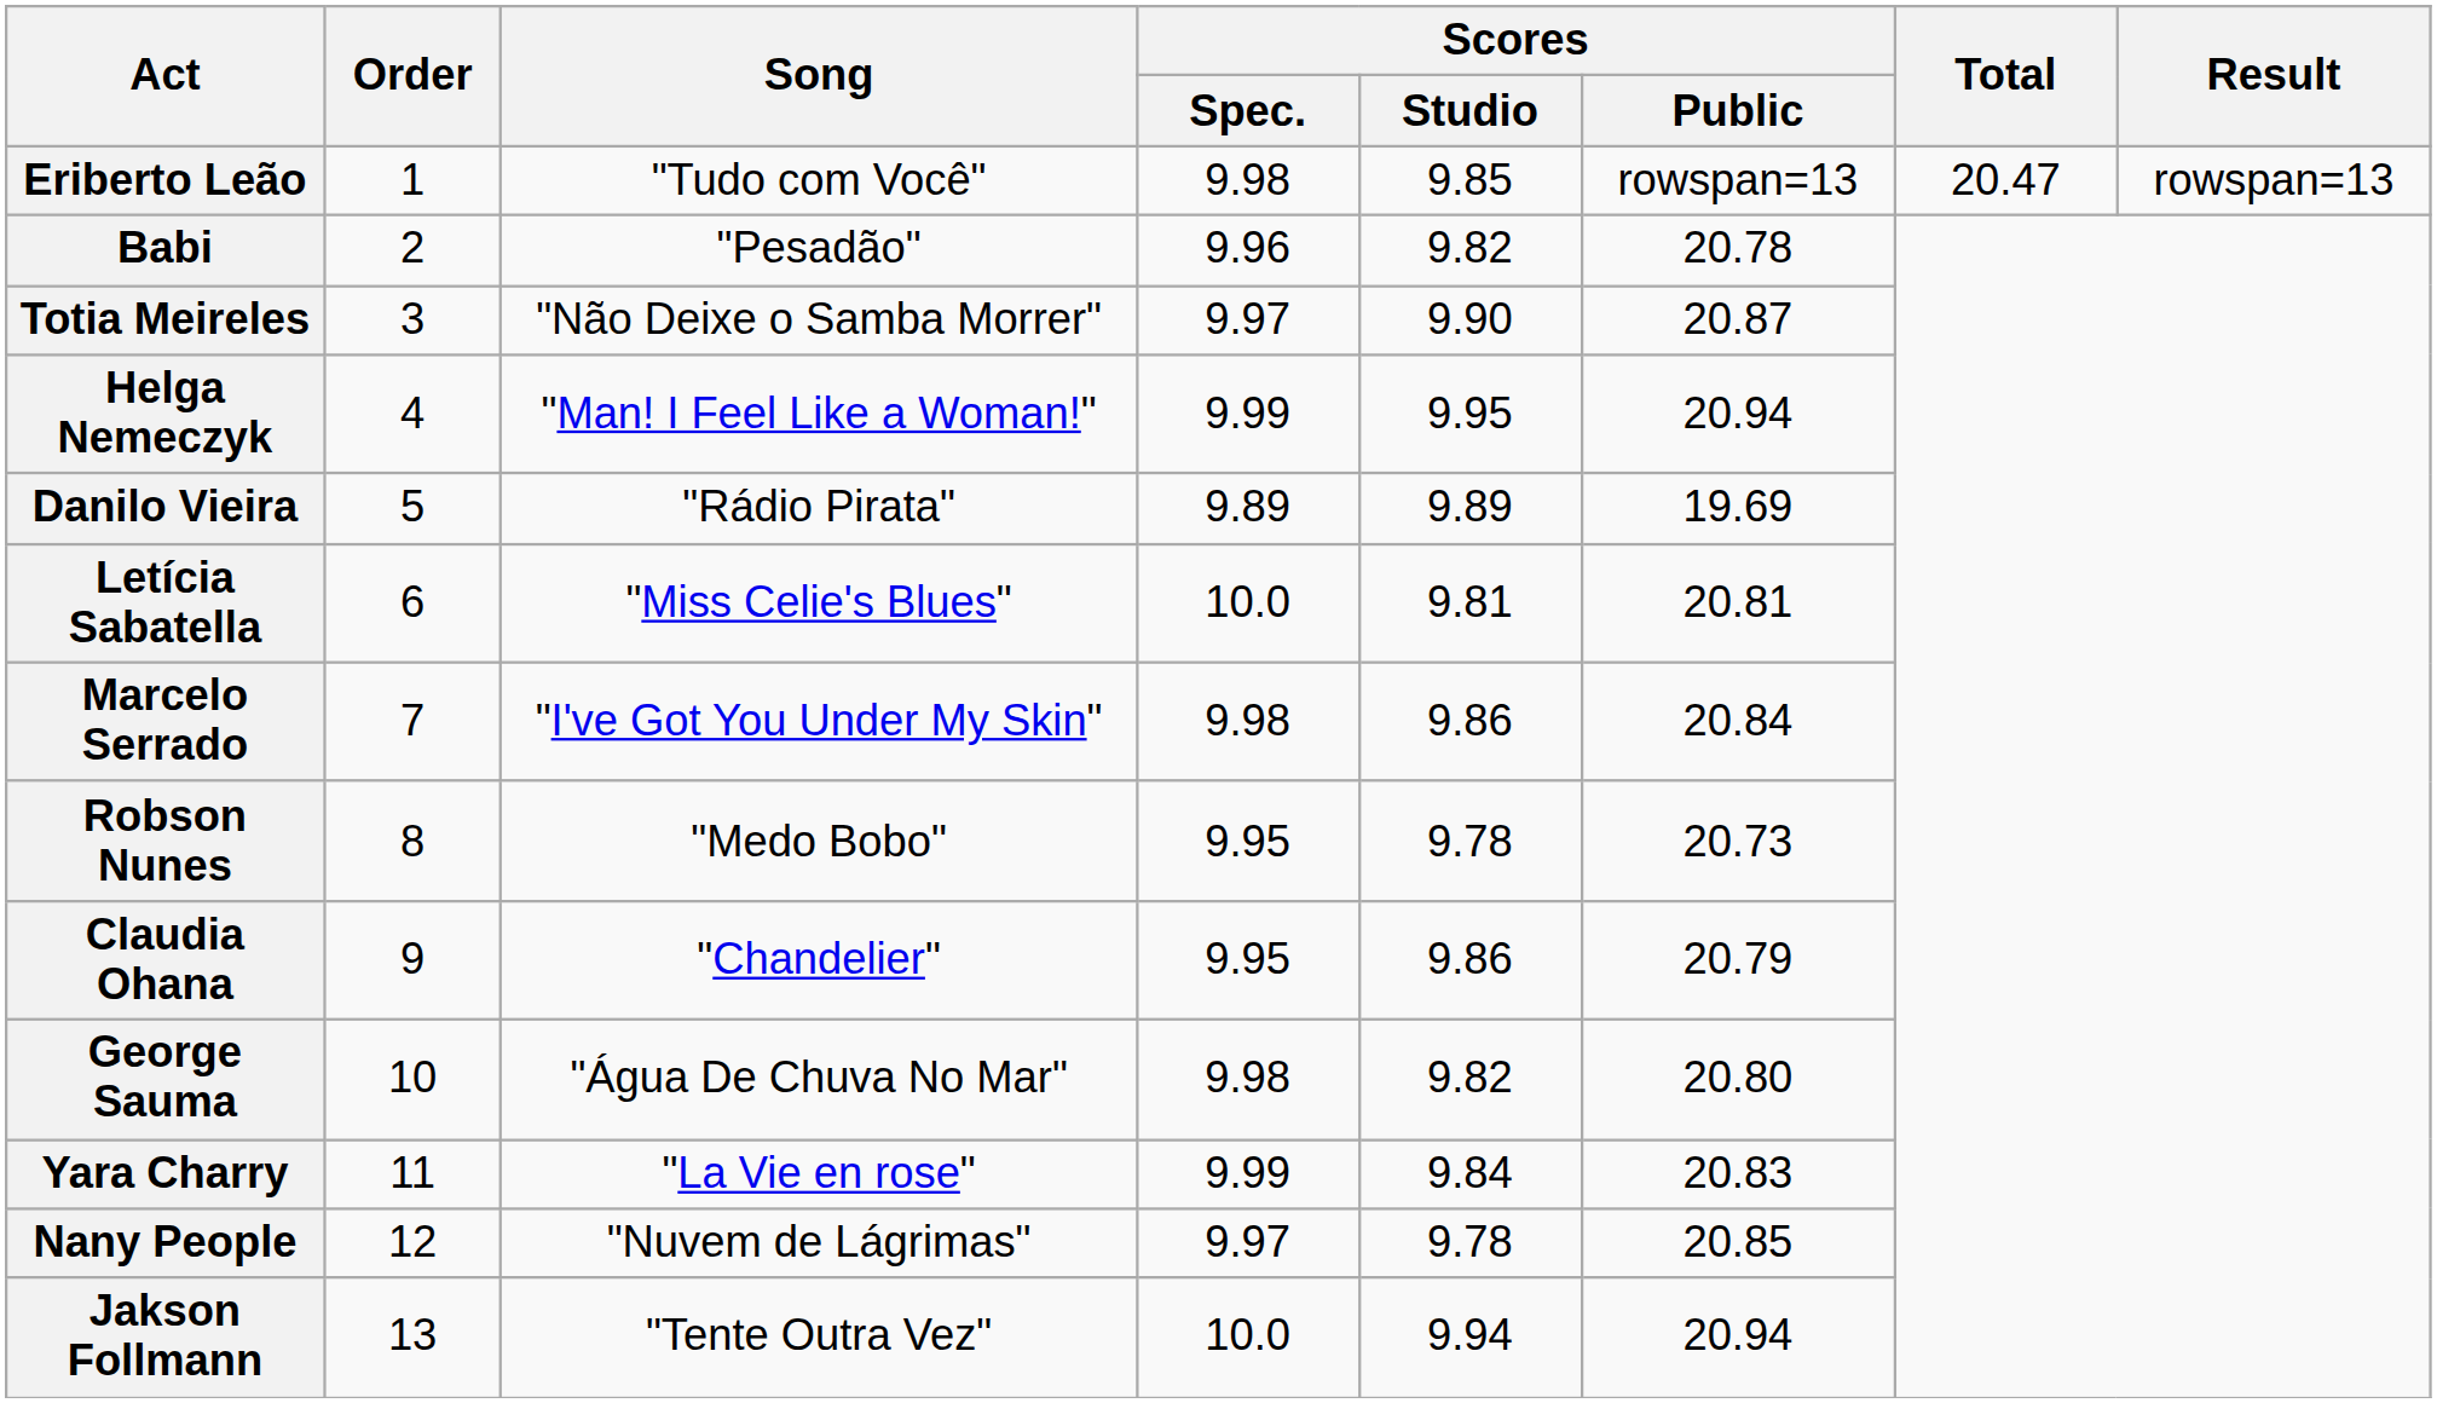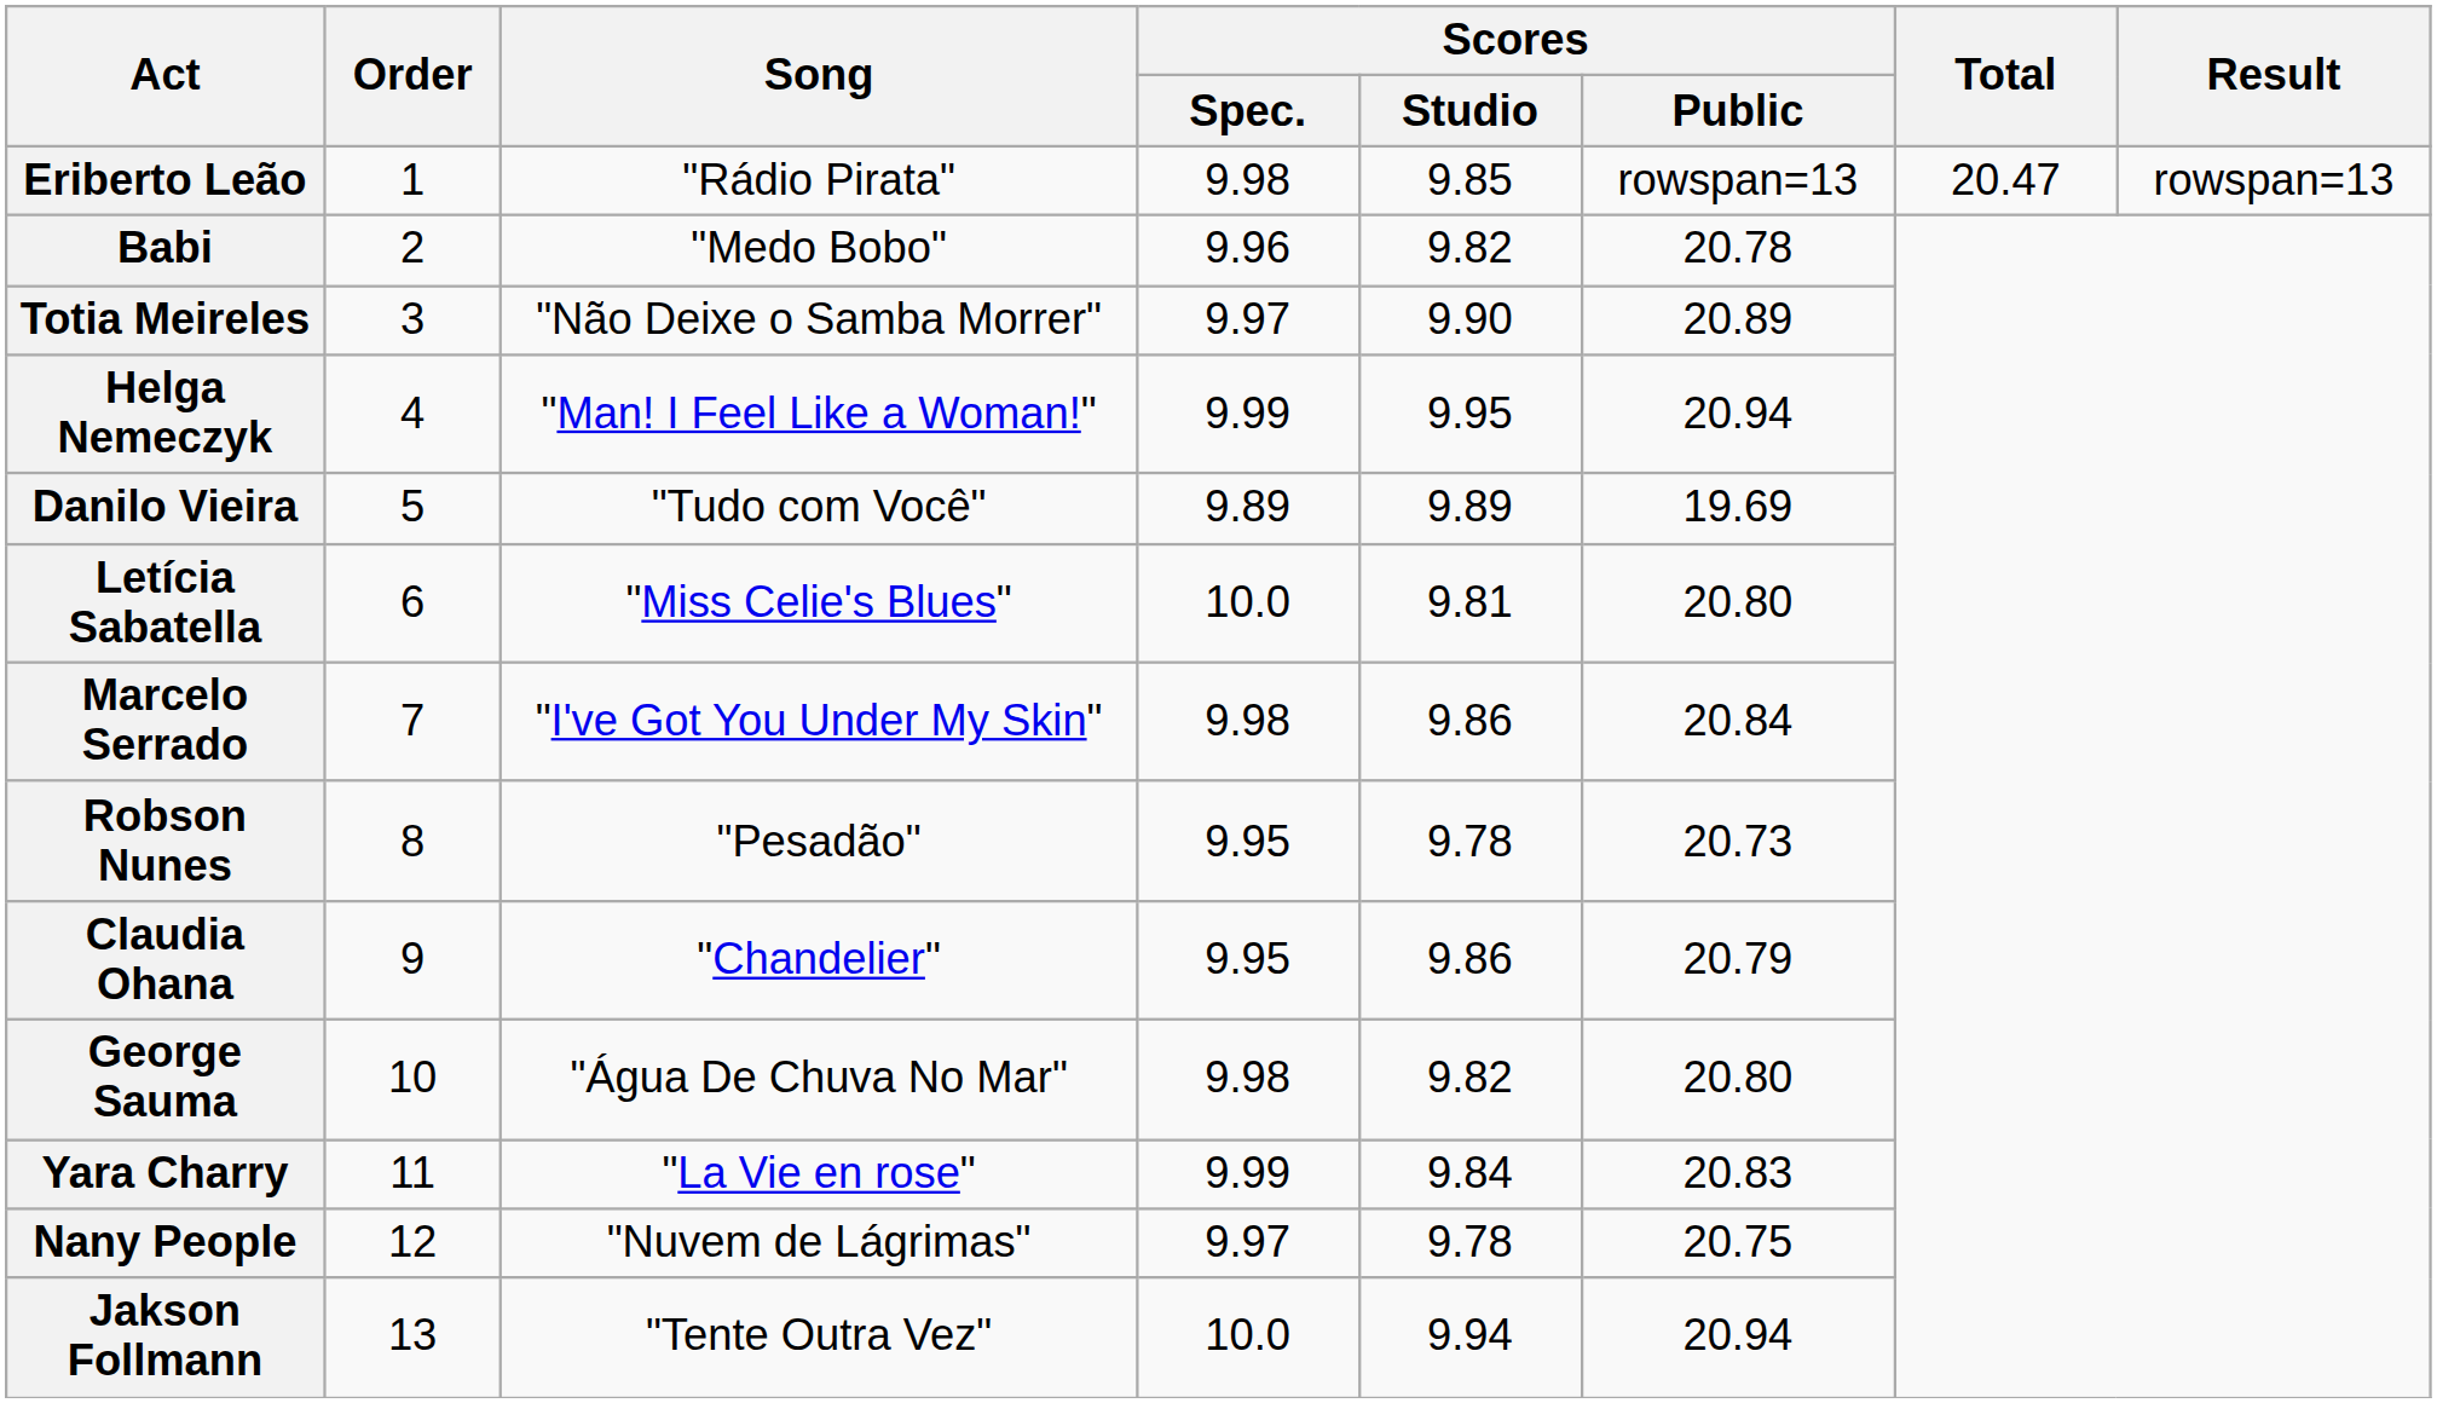 <table class="wikitable plainrowheaders" style="text-align:center; width:100%;">
 <tr>
 <th scope="col" rowspan=2 width="10.0%">Act</th>
 <th scope="col" rowspan=2 width="05.0%">Order</th>
 <th scope="col" rowspan=2 width="20.0%">Song</th>
 <th scope="col" colspan=3 width="20.0%">Scores</th>
 <th scope="col" rowspan=2 width="07.0%">Total</th>
 <th scope="col" rowspan=2 width="07.0%">Result</th>
 </tr>
 <tr>
 <th scope="col" width="07.0%">Spec.</th>
 <th scope="col" width="07.0%">Studio</th>
 <th scope="col" width="07.0%">Public</th>
 </tr>
 <tr>
 <th scope="row">Eriberto Leão</th>
 <td>1</td>
-<td>"Tudo com Você"</td>
+<td>"Rádio Pirata"</td>
 <td>9.98 </td>
 <td>9.85</td>
 <td>rowspan=13 </td>
 <td>20.47</td>
 <td>rowspan=13 </td>
 </tr>
 <tr>
 <th scope="row">Babi</th>
 <td>2</td>
-<td>"Pesadão"</td>
+<td>"Medo Bobo"</td>
 <td>9.96 </td>
 <td>9.82</td>
 <td>20.78</td>
 </tr>
 <tr>
 <th scope="row">Totia Meireles</th>
 <td>3</td>
 <td>"Não Deixe o Samba Morrer"</td>
 <td>9.97 </td>
 <td>9.90</td>
-<td>20.87</td>
+<td>20.89</td>
 </tr>
 <tr>
 <th scope="row">Helga Nemeczyk</th>
 <td>4</td>
 <td>"<a href='#'>Man! I Feel Like a Woman!</a>"</td>
 <td>9.99 </td>
 <td>9.95</td>
 <td>20.94</td>
 </tr>
 <tr>
 <th scope="row">Danilo Vieira</th>
 <td>5</td>
-<td>"Rádio Pirata"</td>
+<td>"Tudo com Você"</td>
 <td>9.89 </td>
 <td>9.89</td>
 <td>19.69</td>
 </tr>
 <tr>
 <th scope="row">Letícia Sabatella</th>
 <td>6</td>
 <td>"<a href='#'>Miss Celie's Blues</a>"</td>
 <td>10.0 </td>
 <td>9.81</td>
-<td>20.81</td>
+<td>20.80</td>
 </tr>
 <tr>
 <th scope="row">Marcelo Serrado</th>
 <td>7</td>
 <td>"<a href='#'>I've Got You Under My Skin</a>"</td>
 <td>9.98 </td>
 <td>9.86</td>
 <td>20.84</td>
 </tr>
 <tr>
 <th scope="row">Robson Nunes</th>
 <td>8</td>
-<td>"Medo Bobo"</td>
+<td>"Pesadão"</td>
 <td>9.95 </td>
 <td>9.78</td>
 <td>20.73</td>
 </tr>
 <tr>
 <th scope="row">Claudia Ohana</th>
 <td>9</td>
 <td>"<a href='#'>Chandelier</a>"</td>
 <td>9.95 </td>
 <td>9.86</td>
 <td>20.79</td>
 </tr>
 <tr>
 <th scope="row">George Sauma</th>
 <td>10</td>
 <td>"Água De Chuva No Mar"</td>
 <td>9.98 </td>
 <td>9.82</td>
 <td>20.80</td>
 </tr>
 <tr>
 <th scope="row">Yara Charry</th>
 <td>11</td>
 <td>"<a href='#'>La Vie en rose</a>"</td>
 <td>9.99 </td>
 <td>9.84</td>
 <td>20.83</td>
 </tr>
 <tr>
 <th scope="row">Nany People</th>
 <td>12</td>
 <td>"Nuvem de Lágrimas"</td>
 <td>9.97 </td>
 <td>9.78</td>
-<td>20.85</td>
+<td>20.75</td>
 </tr>
 <tr>
 <th scope="row">Jakson Follmann</th>
 <td>13</td>
 <td>"Tente Outra Vez"</td>
 <td>10.0 </td>
 <td>9.94</td>
 <td>20.94</td>
 </tr>
 <tr>
 </tr>
 </table>
